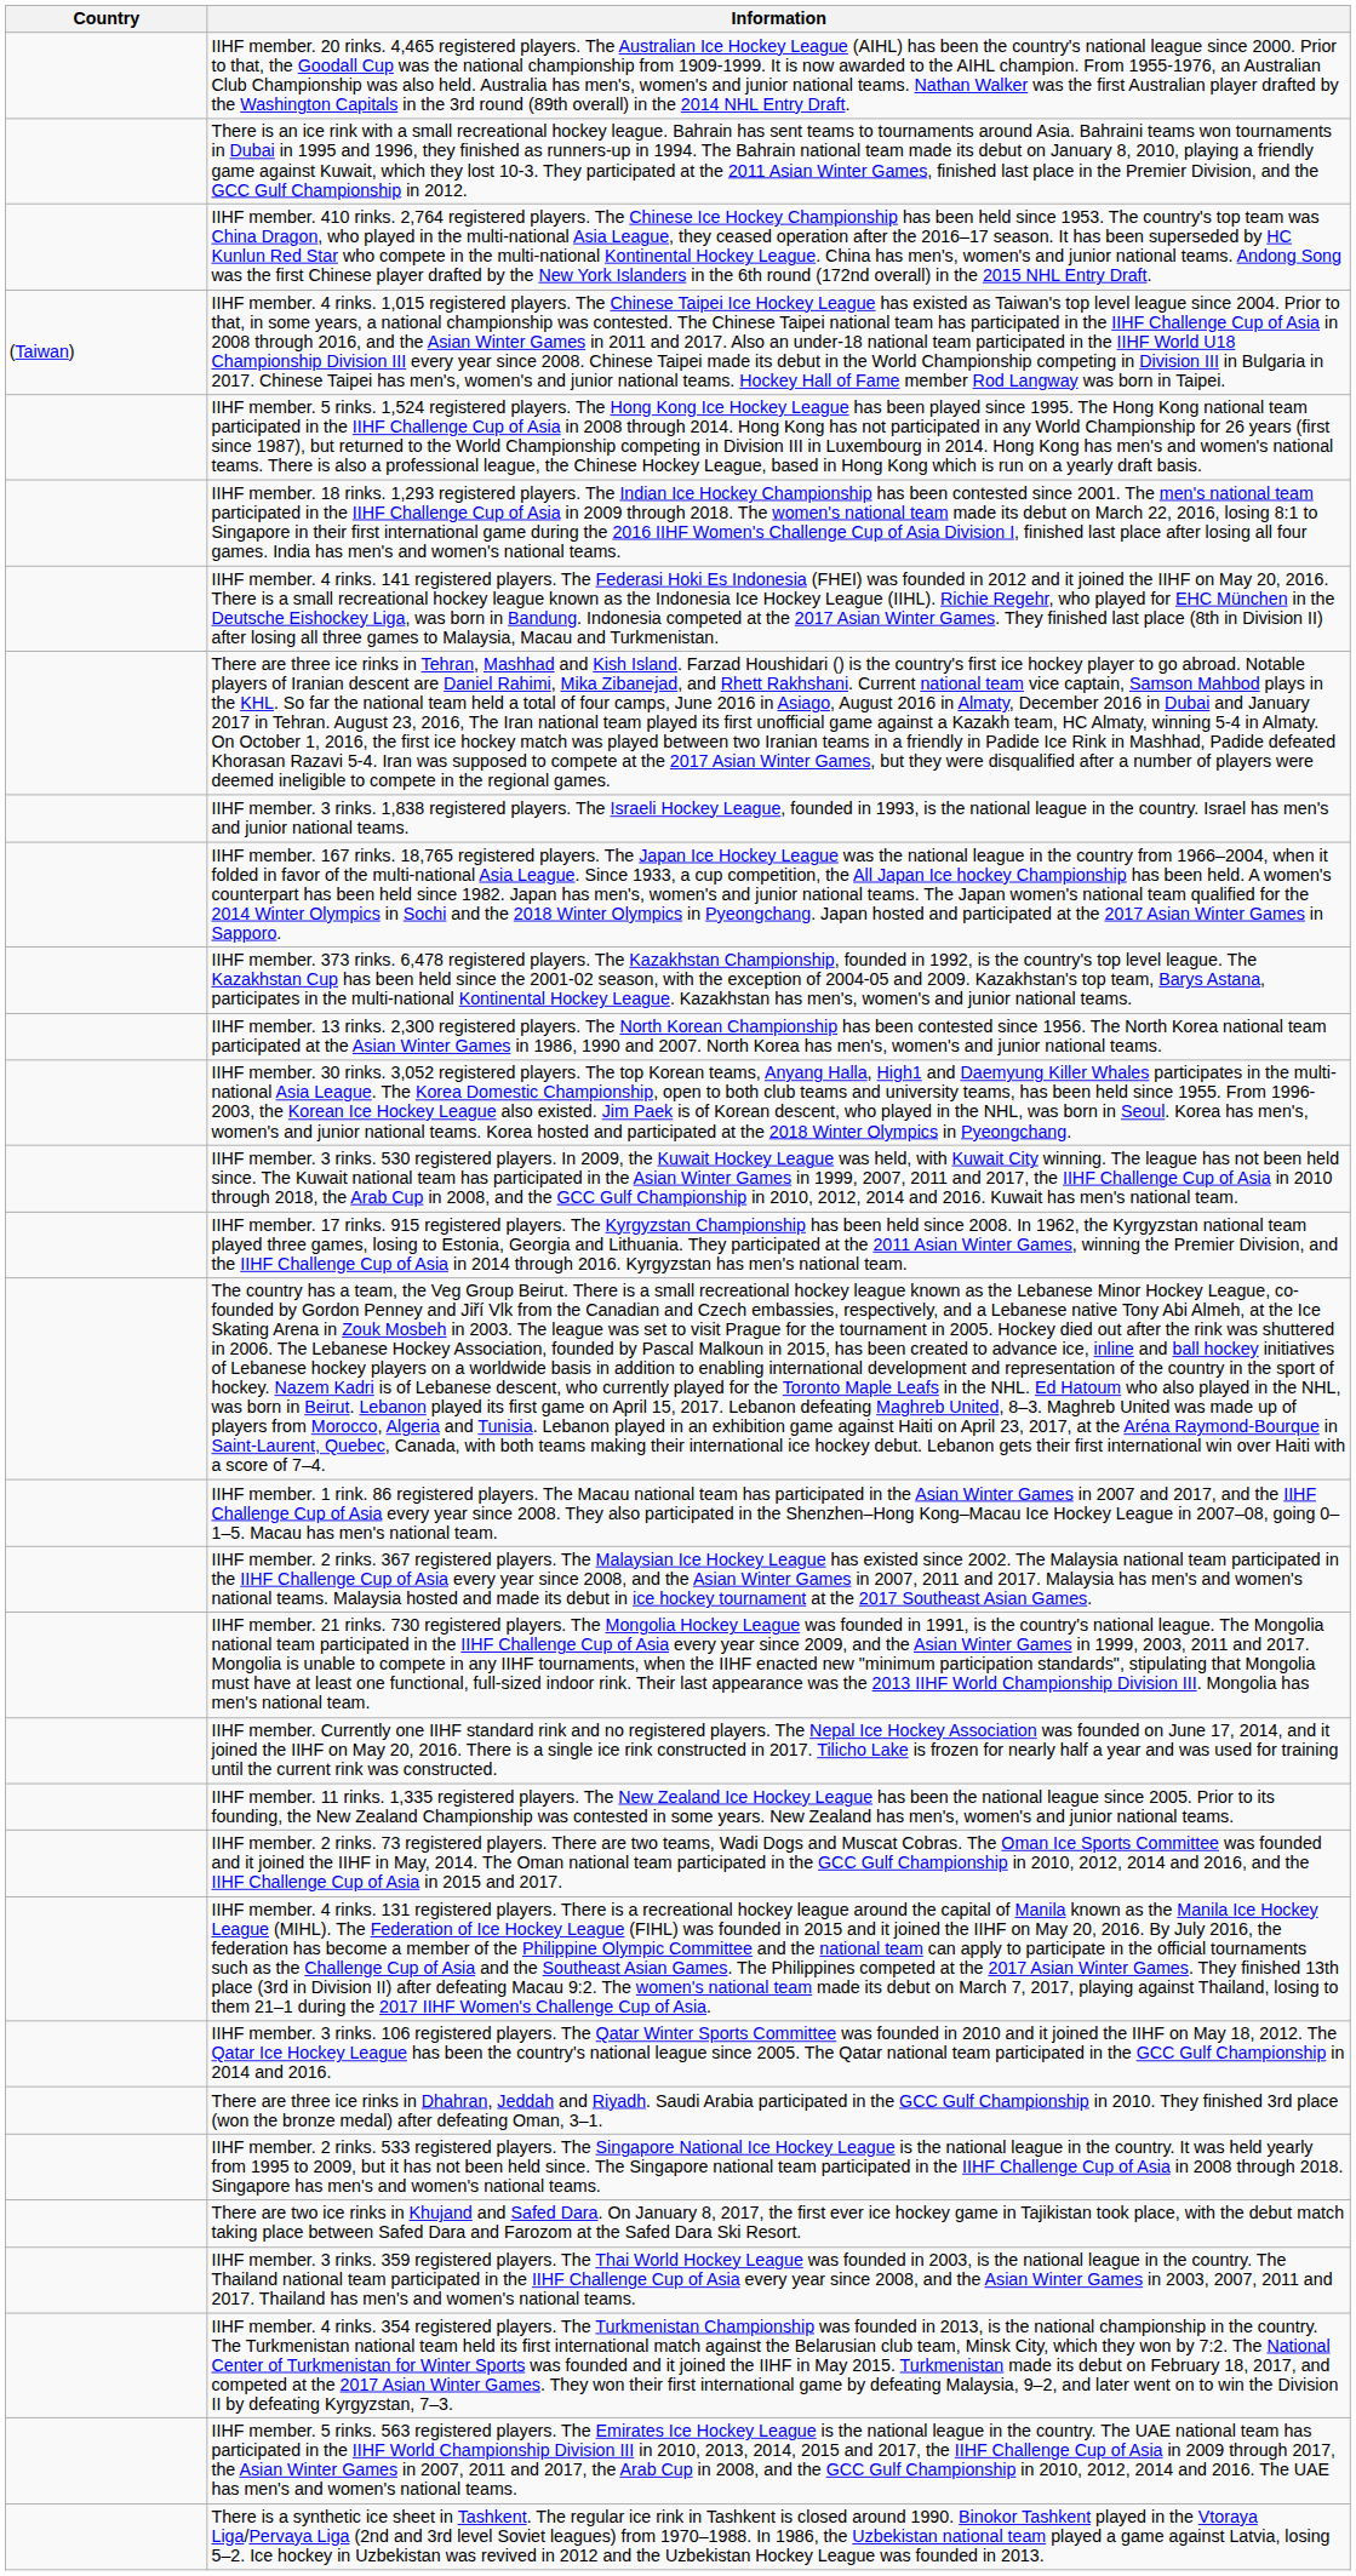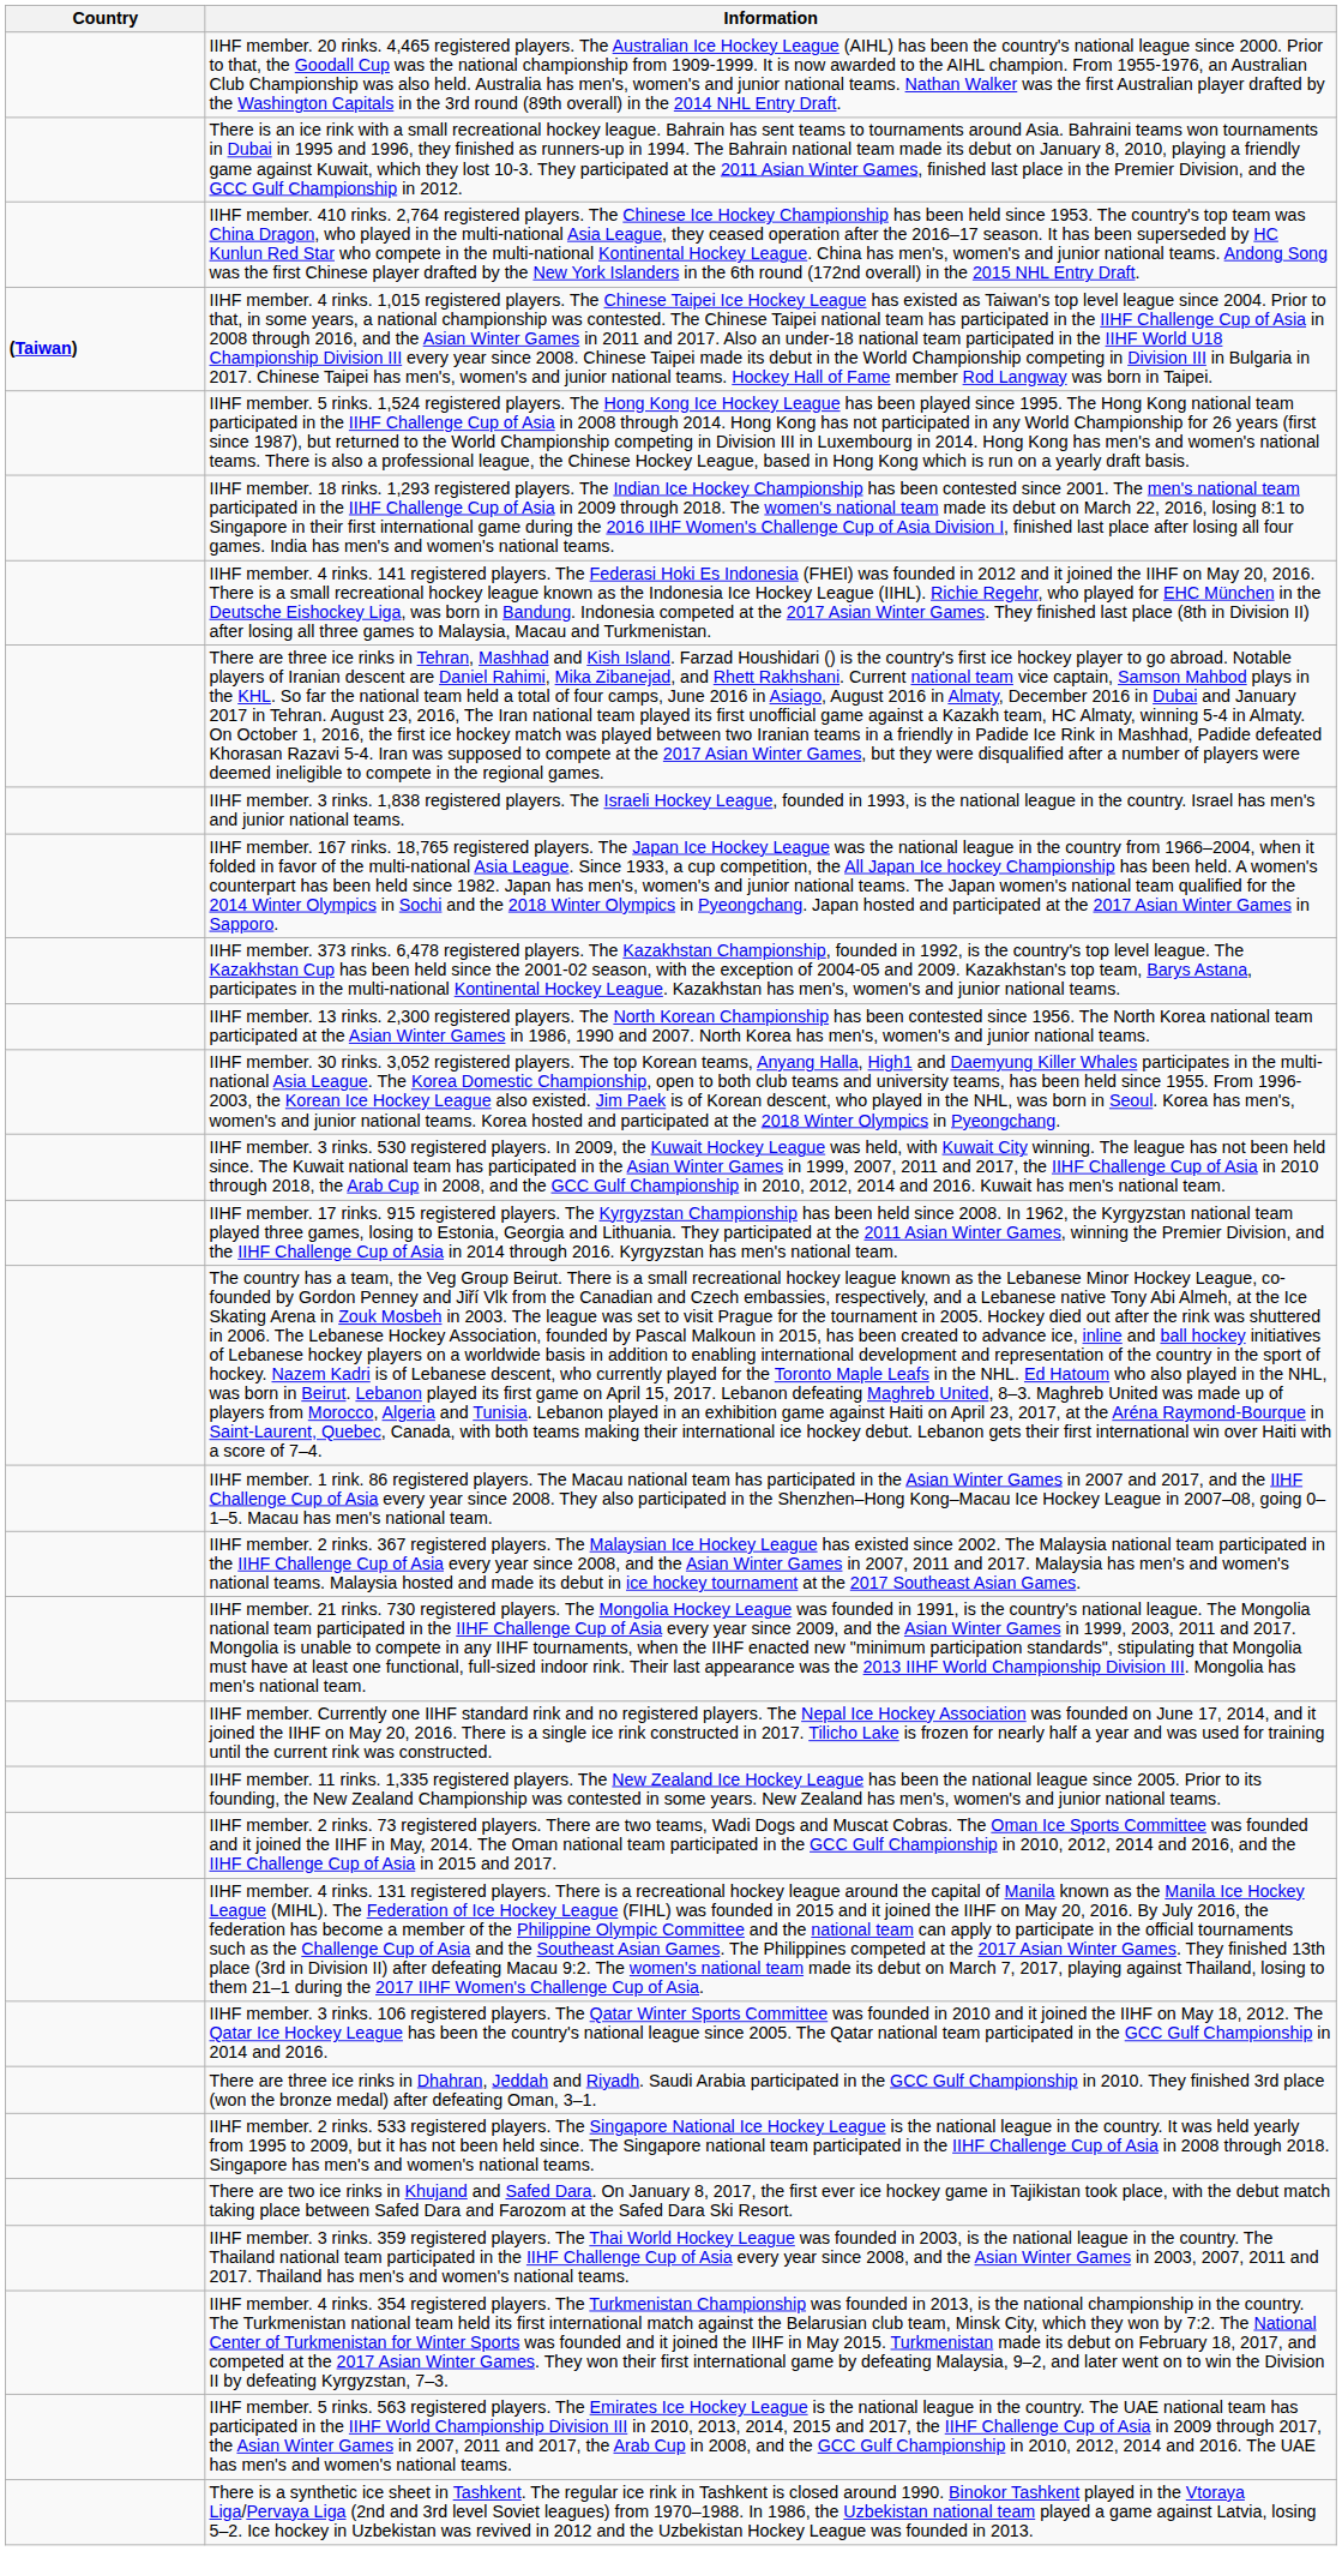 <table class="wikitable">
 <tr>
 <th width=180>Country</th>
 <th>Information</th>
 </tr>
 <tr>
 <td></td>
 <td>IIHF member. 20 rinks. 4,465 registered players. The <a href='#'>Australian Ice Hockey League</a> (AIHL) has been the country's national league since 2000. Prior to that, the <a href='#'>Goodall Cup</a> was the national championship from 1909-1999. It is now awarded to the AIHL champion. From 1955-1976, an Australian Club Championship was also held. Australia has men's, women's and junior national teams. <a href='#'>Nathan Walker</a> was the first Australian player drafted by the <a href='#'>Washington Capitals</a> in the 3rd round (89th overall) in the <a href='#'>2014 NHL Entry Draft</a>.</td>
 </tr>
 <tr>
 <td></td>
 <td>There is an ice rink with a small recreational hockey league. Bahrain has sent teams to tournaments around Asia. Bahraini teams won tournaments in <a href='#'>Dubai</a> in 1995 and 1996, they finished as runners-up in 1994. The Bahrain national team made its debut on January 8, 2010, playing a friendly game against Kuwait, which they lost 10-3. They participated at the <a href='#'>2011 Asian Winter Games</a>, finished last place in the Premier Division, and the <a href='#'>GCC Gulf Championship</a> in 2012.</td>
 </tr>
 <tr>
 <td></td>
 <td>IIHF member. 410 rinks. 2,764 registered players. The <a href='#'>Chinese Ice Hockey Championship</a> has been held since 1953. The country's top team was <a href='#'>China Dragon</a>, who played in the multi-national <a href='#'>Asia League</a>, they ceased operation after the 2016–17 season. It has been superseded by <a href='#'>HC Kunlun Red Star</a> who compete in the multi-national <a href='#'>Kontinental Hockey League</a>. China has men's, women's and junior national teams. <a href='#'>Andong Song</a> was the first Chinese player drafted by the <a href='#'>New York Islanders</a> in the 6th round (172nd overall) in the <a href='#'>2015 NHL Entry Draft</a>.</td>
 </tr>
 <tr>
-<td><br>(<a href='#'>Taiwan</a>)</td>
+<td><strong><br>(<a href='#'>Taiwan</a>)</strong></td>
 <td>IIHF member. 4 rinks. 1,015 registered players. The <a href='#'>Chinese Taipei Ice Hockey League</a> has existed as Taiwan's top level league since 2004. Prior to that, in some years, a national championship was contested. The Chinese Taipei national team has participated in the <a href='#'>IIHF Challenge Cup of Asia</a> in 2008 through 2016, and the <a href='#'>Asian Winter Games</a> in 2011 and 2017. Also an under-18 national team participated in the <a href='#'>IIHF World U18 Championship Division III</a> every year since 2008. Chinese Taipei made its debut in the World Championship competing in <a href='#'>Division III</a> in Bulgaria in 2017. Chinese Taipei has men's, women's and junior national teams. <a href='#'>Hockey Hall of Fame</a> member <a href='#'>Rod Langway</a> was born in Taipei.</td>
 </tr>
 <tr>
 <td></td>
 <td>IIHF member. 5 rinks. 1,524 registered players. The <a href='#'>Hong Kong Ice Hockey League</a> has been played since 1995. The Hong Kong national team participated in the <a href='#'>IIHF Challenge Cup of Asia</a> in 2008 through 2014. Hong Kong has not participated in any World Championship for 26 years (first since 1987), but returned to the World Championship competing in Division III in Luxembourg in 2014. Hong Kong has men's and women's national teams. There is also a professional league, the Chinese Hockey League, based in Hong Kong which is run on a yearly draft basis.</td>
 </tr>
 <tr>
 <td></td>
 <td>IIHF member. 18 rinks. 1,293 registered players. The <a href='#'>Indian Ice Hockey Championship</a> has been contested since 2001. The <a href='#'>men's national team</a> participated in the <a href='#'>IIHF Challenge Cup of Asia</a> in 2009 through 2018. The <a href='#'>women's national team</a> made its debut on March 22, 2016, losing 8:1 to Singapore in their first international game during the <a href='#'>2016 IIHF Women's Challenge Cup of Asia Division I</a>, finished last place after losing all four games. India has men's and women's national teams.</td>
 </tr>
 <tr>
 <td></td>
 <td>IIHF member. 4 rinks. 141 registered players. The <a href='#'>Federasi Hoki Es Indonesia</a> (FHEI) was founded in 2012 and it joined the IIHF on May 20, 2016. There is a small recreational hockey league known as the Indonesia Ice Hockey League (IIHL). <a href='#'>Richie Regehr</a>, who played for <a href='#'>EHC München</a> in the <a href='#'>Deutsche Eishockey Liga</a>, was born in <a href='#'>Bandung</a>. Indonesia competed at the <a href='#'>2017 Asian Winter Games</a>. They finished last place (8th in Division II) after losing all three games to Malaysia, Macau and Turkmenistan.</td>
 </tr>
 <tr>
 <td></td>
 <td>There are three ice rinks in <a href='#'>Tehran</a>, <a href='#'>Mashhad</a> and <a href='#'>Kish Island</a>. Farzad Houshidari () is the country's first ice hockey player to go abroad. Notable players of Iranian descent are <a href='#'>Daniel Rahimi</a>, <a href='#'>Mika Zibanejad</a>, and <a href='#'>Rhett Rakhshani</a>. Current <a href='#'>national team</a> vice captain, <a href='#'>Samson Mahbod</a> plays in the <a href='#'>KHL</a>. So far the national team held a total of four camps, June 2016 in <a href='#'>Asiago</a>, August 2016 in <a href='#'>Almaty</a>, December 2016 in <a href='#'>Dubai</a> and January 2017 in Tehran. August 23, 2016, The Iran national team played its first unofficial game against a Kazakh team, HC Almaty, winning 5-4 in Almaty. On October 1, 2016, the first ice hockey match was played between two Iranian teams in a friendly in Padide Ice Rink in Mashhad, Padide defeated Khorasan Razavi 5-4. Iran was supposed to compete at the <a href='#'>2017 Asian Winter Games</a>, but they were disqualified after a number of players were deemed ineligible to compete in the regional games.</td>
 </tr>
 <tr>
 <td></td>
 <td>IIHF member. 3 rinks. 1,838 registered players. The <a href='#'>Israeli Hockey League</a>, founded in 1993, is the national league in the country. Israel has men's and junior national teams.</td>
 </tr>
 <tr>
 <td></td>
 <td>IIHF member. 167 rinks. 18,765 registered players. The <a href='#'>Japan Ice Hockey League</a> was the national league in the country from 1966–2004, when it folded in favor of the multi-national <a href='#'>Asia League</a>. Since 1933, a cup competition, the <a href='#'>All Japan Ice hockey Championship</a> has been held. A women's counterpart has been held since 1982. Japan has men's, women's and junior national teams. The Japan women's national team qualified for the <a href='#'>2014 Winter Olympics</a> in <a href='#'>Sochi</a> and the <a href='#'>2018 Winter Olympics</a> in <a href='#'>Pyeongchang</a>. Japan hosted and participated at the <a href='#'>2017 Asian Winter Games</a> in <a href='#'>Sapporo</a>.</td>
 </tr>
 <tr>
 <td></td>
 <td>IIHF member. 373 rinks. 6,478 registered players. The <a href='#'>Kazakhstan Championship</a>, founded in 1992, is the country's top level league. The <a href='#'>Kazakhstan Cup</a> has been held since the 2001-02 season, with the exception of 2004-05 and 2009. Kazakhstan's top team, <a href='#'>Barys Astana</a>, participates in the multi-national <a href='#'>Kontinental Hockey League</a>. Kazakhstan has men's, women's and junior national teams.</td>
 </tr>
 <tr>
 <td></td>
 <td>IIHF member. 13 rinks. 2,300 registered players. The <a href='#'>North Korean Championship</a> has been contested since 1956. The North Korea national team participated at the <a href='#'>Asian Winter Games</a> in 1986, 1990 and 2007. North Korea has men's, women's and junior national teams.</td>
 </tr>
 <tr>
 <td></td>
 <td>IIHF member. 30 rinks. 3,052 registered players. The top Korean teams, <a href='#'>Anyang Halla</a>, <a href='#'>High1</a> and <a href='#'>Daemyung Killer Whales</a> participates in the multi-national <a href='#'>Asia League</a>. The <a href='#'>Korea Domestic Championship</a>, open to both club teams and university teams, has been held since 1955. From 1996-2003, the <a href='#'>Korean Ice Hockey League</a> also existed. <a href='#'>Jim Paek</a> is of Korean descent, who played in the NHL, was born in <a href='#'>Seoul</a>. Korea has men's, women's and junior national teams. Korea hosted and participated at the <a href='#'>2018 Winter Olympics</a> in <a href='#'>Pyeongchang</a>.</td>
 </tr>
 <tr>
 <td></td>
 <td>IIHF member. 3 rinks. 530 registered players. In 2009, the <a href='#'>Kuwait Hockey League</a> was held, with <a href='#'>Kuwait City</a> winning. The league has not been held since. The Kuwait national team has participated in the <a href='#'>Asian Winter Games</a> in 1999, 2007, 2011 and 2017, the <a href='#'>IIHF Challenge Cup of Asia</a> in 2010 through 2018, the <a href='#'>Arab Cup</a> in 2008, and the <a href='#'>GCC Gulf Championship</a> in 2010, 2012, 2014 and 2016. Kuwait has men's national team.</td>
 </tr>
 <tr>
 <td></td>
 <td>IIHF member. 17 rinks. 915 registered players. The <a href='#'>Kyrgyzstan Championship</a> has been held since 2008. In 1962, the Kyrgyzstan national team played three games, losing to Estonia, Georgia and Lithuania. They participated at the <a href='#'>2011 Asian Winter Games</a>, winning the Premier Division, and the <a href='#'>IIHF Challenge Cup of Asia</a> in 2014 through 2016. Kyrgyzstan has men's national team.</td>
 </tr>
 <tr>
 <td></td>
 <td>The country has a team, the Veg Group Beirut. There is a small recreational hockey league known as the Lebanese Minor Hockey League, co-founded by Gordon Penney and Jiří Vlk from the Canadian and Czech embassies, respectively, and a Lebanese native Tony Abi Almeh, at the Ice Skating Arena in <a href='#'>Zouk Mosbeh</a> in 2003. The league was set to visit Prague for the tournament in 2005. Hockey died out after the rink was shuttered in 2006. The Lebanese Hockey Association, founded by Pascal Malkoun in 2015, has been created to advance ice, <a href='#'>inline</a> and <a href='#'>ball hockey</a> initiatives of Lebanese hockey players on a worldwide basis in addition to enabling international development and representation of the country in the sport of hockey. <a href='#'>Nazem Kadri</a> is of Lebanese descent, who currently played for the <a href='#'>Toronto Maple Leafs</a> in the NHL. <a href='#'>Ed Hatoum</a> who also played in the NHL, was born in <a href='#'>Beirut</a>. <a href='#'>Lebanon</a> played its first game on April 15, 2017. Lebanon defeating <a href='#'>Maghreb United</a>, 8–3. Maghreb United was made up of players from <a href='#'>Morocco</a>, <a href='#'>Algeria</a> and <a href='#'>Tunisia</a>. Lebanon played in an exhibition game against Haiti on April 23, 2017, at the <a href='#'>Aréna Raymond-Bourque</a> in <a href='#'>Saint-Laurent, Quebec</a>, Canada, with both teams making their international ice hockey debut. Lebanon gets their first international win over Haiti with a score of 7–4.</td>
 </tr>
 <tr>
 <td></td>
 <td>IIHF member. 1 rink. 86 registered players. The Macau national team has participated in the <a href='#'>Asian Winter Games</a> in 2007 and 2017, and the <a href='#'>IIHF Challenge Cup of Asia</a> every year since 2008. They also participated in the Shenzhen–Hong Kong–Macau Ice Hockey League in 2007–08, going 0–1–5. Macau has men's national team.</td>
 </tr>
 <tr>
 <td></td>
 <td>IIHF member. 2 rinks. 367 registered players. The <a href='#'>Malaysian Ice Hockey League</a> has existed since 2002. The Malaysia national team participated in the <a href='#'>IIHF Challenge Cup of Asia</a> every year since 2008, and the <a href='#'>Asian Winter Games</a> in 2007, 2011 and 2017. Malaysia has men's and women's national teams. Malaysia hosted and made its debut in <a href='#'>ice hockey tournament</a> at the <a href='#'>2017 Southeast Asian Games</a>.</td>
 </tr>
 <tr>
 <td></td>
 <td>IIHF member. 21 rinks. 730 registered players. The <a href='#'>Mongolia Hockey League</a> was founded in 1991, is the country's national league. The Mongolia national team participated in the <a href='#'>IIHF Challenge Cup of Asia</a> every year since 2009, and the <a href='#'>Asian Winter Games</a> in 1999, 2003, 2011 and 2017. Mongolia is unable to compete in any IIHF tournaments, when the IIHF enacted new "minimum participation standards", stipulating that Mongolia must have at least one functional, full-sized indoor rink. Their last appearance was the <a href='#'>2013 IIHF World Championship Division III</a>. Mongolia has men's national team.</td>
 </tr>
 <tr>
 <td></td>
 <td>IIHF member. Currently one IIHF standard rink and no registered players. The <a href='#'>Nepal Ice Hockey Association</a> was founded on June 17, 2014, and it joined the IIHF on May 20, 2016. There is a single ice rink constructed in 2017. <a href='#'>Tilicho Lake</a> is frozen for nearly half a year and was used for training until the current rink was constructed.</td>
 </tr>
 <tr>
 <td></td>
 <td>IIHF member. 11 rinks. 1,335 registered players. The <a href='#'>New Zealand Ice Hockey League</a> has been the national league since 2005. Prior to its founding, the New Zealand Championship was contested in some years. New Zealand has men's, women's and junior national teams.</td>
 </tr>
 <tr>
 <td></td>
 <td>IIHF member. 2 rinks. 73 registered players. There are two teams, Wadi Dogs and Muscat Cobras. The <a href='#'>Oman Ice Sports Committee</a> was founded and it joined the IIHF in May, 2014. The Oman national team participated in the <a href='#'>GCC Gulf Championship</a> in 2010, 2012, 2014 and 2016, and the <a href='#'>IIHF Challenge Cup of Asia</a> in 2015 and 2017.</td>
 </tr>
 <tr>
 <td></td>
 <td>IIHF member. 4 rinks. 131 registered players. There is a recreational hockey league around the capital of <a href='#'>Manila</a> known as the <a href='#'>Manila Ice Hockey League</a> (MIHL). The <a href='#'>Federation of Ice Hockey League</a> (FIHL) was founded in 2015 and it joined the IIHF on May 20, 2016. By July 2016, the federation has become a member of the <a href='#'>Philippine Olympic Committee</a> and the <a href='#'>national team</a> can apply to participate in the official tournaments such as the <a href='#'>Challenge Cup of Asia</a> and the <a href='#'>Southeast Asian Games</a>. The Philippines competed at the <a href='#'>2017 Asian Winter Games</a>. They finished 13th place (3rd in Division II) after defeating Macau 9:2. The <a href='#'>women's national team</a> made its debut on March 7, 2017, playing against Thailand, losing to them 21–1 during the <a href='#'>2017 IIHF Women's Challenge Cup of Asia</a>.</td>
 </tr>
 <tr>
 <td></td>
 <td>IIHF member. 3 rinks. 106 registered players. The <a href='#'>Qatar Winter Sports Committee</a> was founded in 2010 and it joined the IIHF on May 18, 2012. The <a href='#'>Qatar Ice Hockey League</a> has been the country's national league since 2005. The Qatar national team participated in the <a href='#'>GCC Gulf Championship</a> in 2014 and 2016.</td>
 </tr>
 <tr>
 <td></td>
 <td>There are three ice rinks in <a href='#'>Dhahran</a>, <a href='#'>Jeddah</a> and <a href='#'>Riyadh</a>. Saudi Arabia participated in the <a href='#'>GCC Gulf Championship</a> in 2010. They finished 3rd place (won the bronze medal) after defeating Oman, 3–1.</td>
 </tr>
 <tr>
 <td></td>
 <td>IIHF member. 2 rinks. 533 registered players. The <a href='#'>Singapore National Ice Hockey League</a> is the national league in the country. It was held yearly from 1995 to 2009, but it has not been held since. The Singapore national team participated in the <a href='#'>IIHF Challenge Cup of Asia</a> in 2008 through 2018. Singapore has men's and women's national teams.</td>
 </tr>
 <tr>
 <td></td>
 <td>There are two ice rinks in <a href='#'>Khujand</a> and <a href='#'>Safed Dara</a>. On January 8, 2017, the first ever ice hockey game in Tajikistan took place, with the debut match taking place between Safed Dara and Farozom at the Safed Dara Ski Resort.</td>
 </tr>
 <tr>
 <td></td>
 <td>IIHF member. 3 rinks. 359 registered players. The <a href='#'>Thai World Hockey League</a> was founded in 2003, is the national league in the country. The Thailand national team participated in the <a href='#'>IIHF Challenge Cup of Asia</a> every year since 2008, and the <a href='#'>Asian Winter Games</a> in 2003, 2007, 2011 and 2017. Thailand has men's and women's national teams.</td>
 </tr>
 <tr>
 <td></td>
 <td>IIHF member. 4 rinks. 354 registered players. The <a href='#'>Turkmenistan Championship</a> was founded in 2013, is the national championship in the country. The Turkmenistan national team held its first international match against the Belarusian club team, Minsk City, which they won by 7:2. The <a href='#'>National Center of Turkmenistan for Winter Sports</a> was founded and it joined the IIHF in May 2015. <a href='#'>Turkmenistan</a> made its debut on February 18, 2017, and competed at the <a href='#'>2017 Asian Winter Games</a>. They won their first international game by defeating Malaysia, 9–2, and later went on to win the Division II by defeating Kyrgyzstan, 7–3.</td>
 </tr>
 <tr>
 <td></td>
 <td>IIHF member. 5 rinks. 563 registered players. The <a href='#'>Emirates Ice Hockey League</a> is the national league in the country. The UAE national team has participated in the <a href='#'>IIHF World Championship Division III</a> in 2010, 2013, 2014, 2015 and 2017, the <a href='#'>IIHF Challenge Cup of Asia</a> in 2009 through 2017, the <a href='#'>Asian Winter Games</a> in 2007, 2011 and 2017, the <a href='#'>Arab Cup</a> in 2008, and the <a href='#'>GCC Gulf Championship</a> in 2010, 2012, 2014 and 2016. The UAE has men's and women's national teams.</td>
 </tr>
 <tr>
 <td></td>
 <td>There is a synthetic ice sheet in <a href='#'>Tashkent</a>. The regular ice rink in Tashkent is closed around 1990. <a href='#'>Binokor Tashkent</a> played in the <a href='#'>Vtoraya Liga</a>/<a href='#'>Pervaya Liga</a> (2nd and 3rd level Soviet leagues) from 1970–1988. In 1986, the <a href='#'>Uzbekistan national team</a> played a game against Latvia, losing 5–2. Ice hockey in Uzbekistan was revived in 2012 and the Uzbekistan Hockey League was founded in 2013.</td>
 </tr>
 </table>
